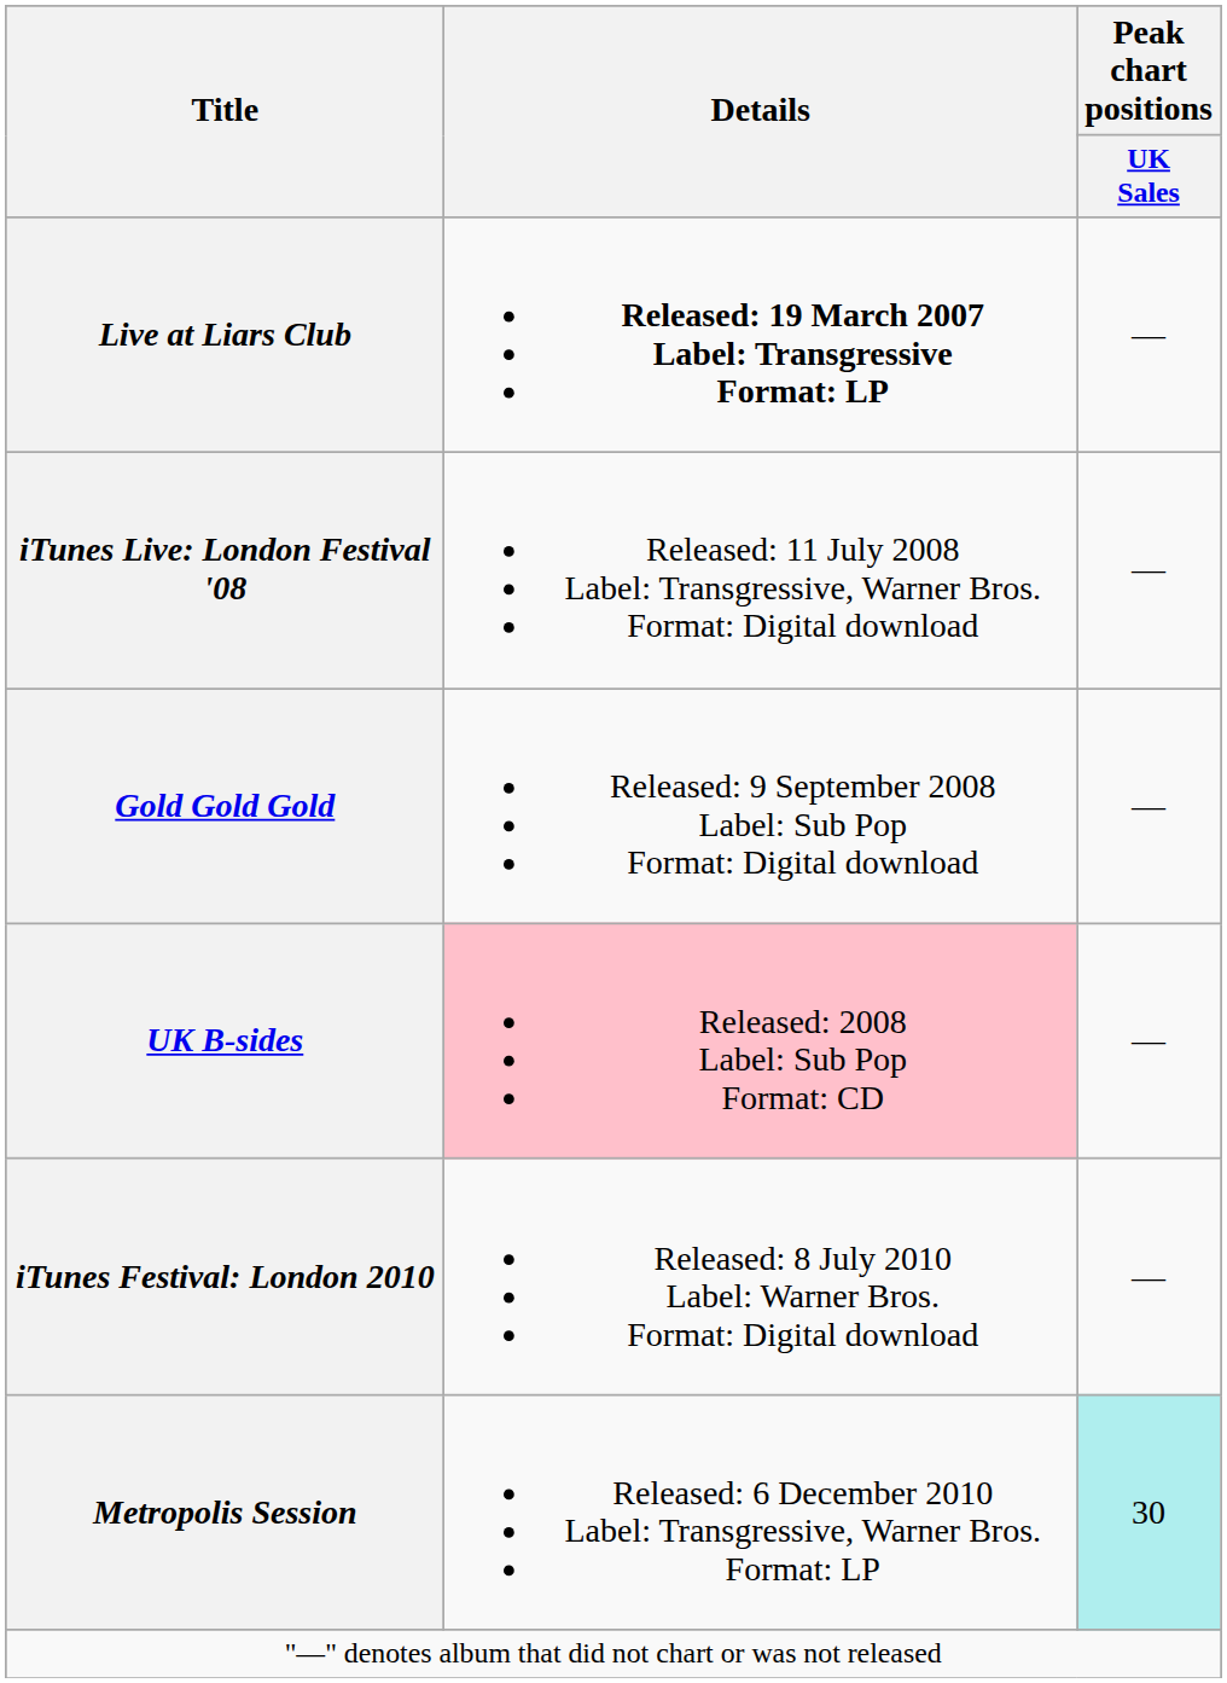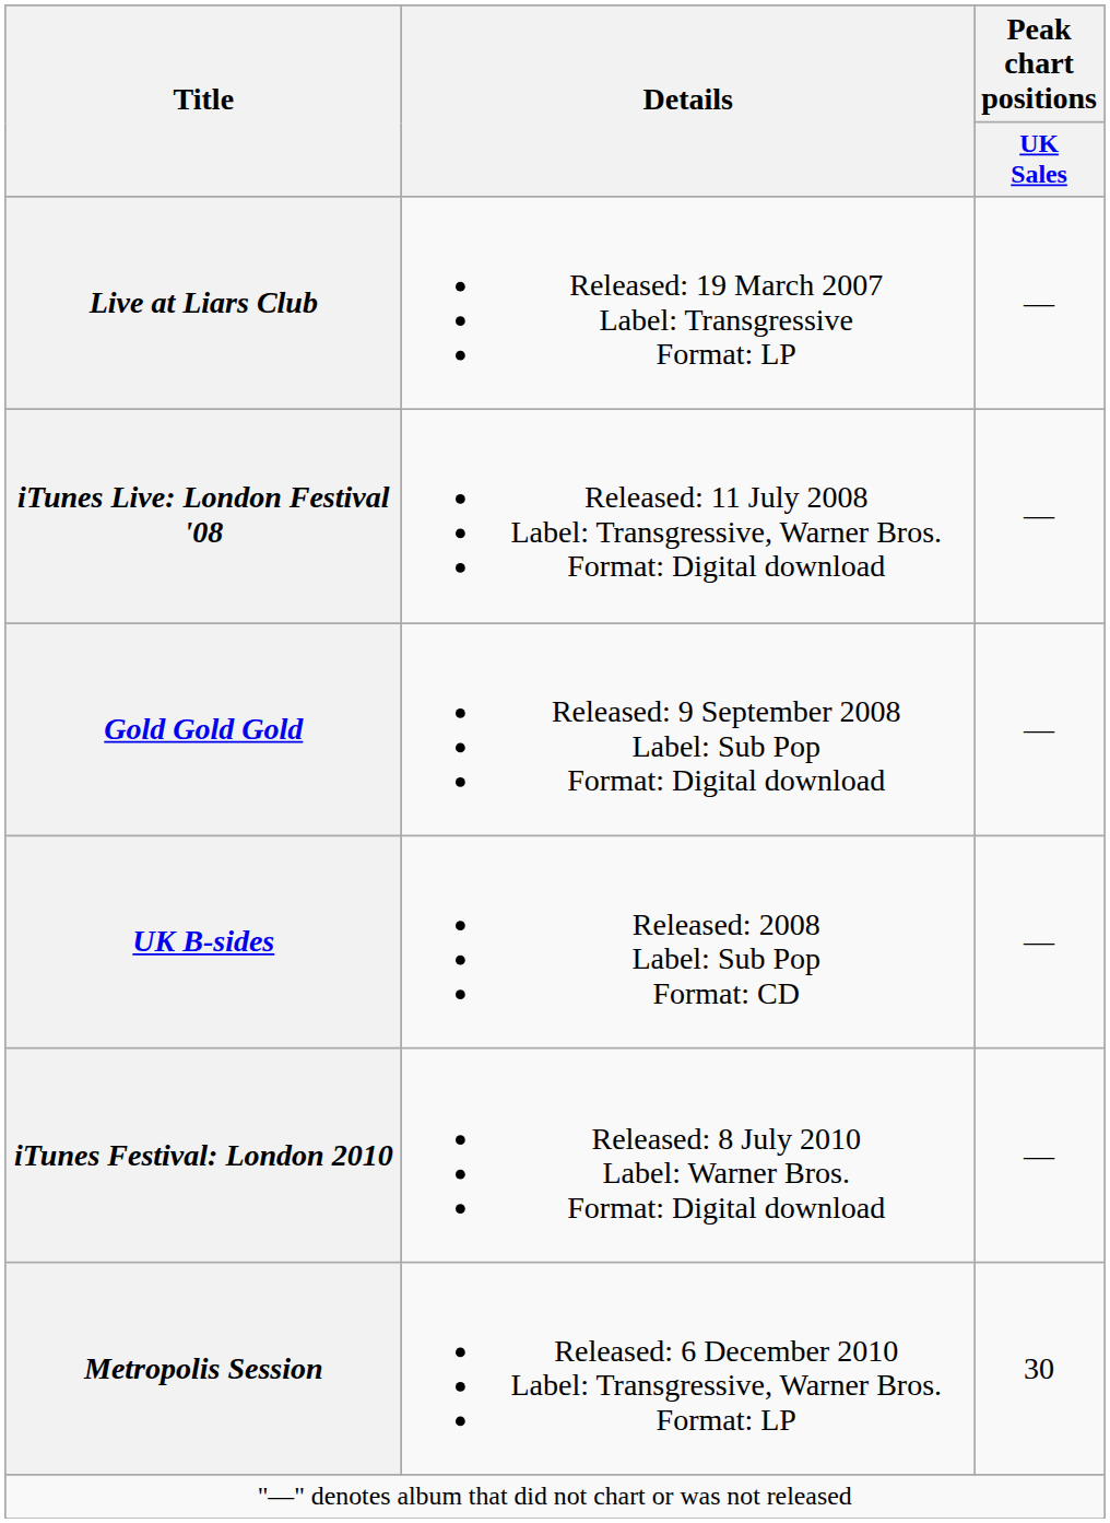 <table class="wikitable plainrowheaders" style="text-align:center;">
 <tr>
 <th scope="col" rowspan="2" style="width:12.5em;">Title</th>
 <th scope="col" rowspan="2" style="width:18.25em;">Details</th>
 <th scope="col" colspan="1">Peak chart positions</th>
 </tr>
 <tr>
 <th scope="col" style="width:2.5em;font-size:85%;"><a href='#'>UK<br>Sales</a><br></th>
 </tr>
 <tr>
 <th scope="row"><em>Live at Liars Club</em></th>
-<td><strong><br><ul><li>Released: 19 March 2007</li><li>Label: Transgressive</li><li>Format: LP</li></ul></strong></td>
+<td><br><ul><li>Released: 19 March 2007</li><li>Label: Transgressive</li><li>Format: LP</li></ul></td>
 <td>—</td>
 </tr>
 <tr>
 <th scope="row"><em>iTunes Live: London Festival '08</em></th>
 <td><br><ul><li>Released: 11 July 2008</li><li>Label: Transgressive, Warner Bros.</li><li>Format: Digital download</li></ul></td>
 <td>—</td>
 </tr>
 <tr>
 <th scope="row"><em><a href='#'>Gold Gold Gold</a></em></th>
 <td><br><ul><li>Released: 9 September 2008</li><li>Label: Sub Pop</li><li>Format: Digital download</li></ul></td>
 <td>—</td>
 </tr>
 <tr>
 <th scope="row"><em><a href='#'>UK B-sides</a></em></th>
-<td style="background: pink;"><br><ul><li>Released: 2008</li><li>Label: Sub Pop</li><li>Format: CD</li></ul></td>
+<td><br><ul><li>Released: 2008</li><li>Label: Sub Pop</li><li>Format: CD</li></ul></td>
 <td>—</td>
 </tr>
 <tr>
 <th scope="row"><em>iTunes Festival: London 2010</em></th>
 <td><br><ul><li>Released: 8 July 2010</li><li>Label: Warner Bros.</li><li>Format: Digital download</li></ul></td>
 <td>—</td>
 </tr>
 <tr>
 <th scope="row"><em>Metropolis Session</em></th>
 <td><br><ul><li>Released: 6 December 2010</li><li>Label: Transgressive, Warner Bros.</li><li>Format: LP</li></ul></td>
-<td style="background: paleturquoise;">30</td>
+<td>30</td>
 </tr>
 <tr>
 <td colspan="14" style="font-size:85%;">"—" denotes album that did not chart or was not released</td>
 </tr>
 </table>
